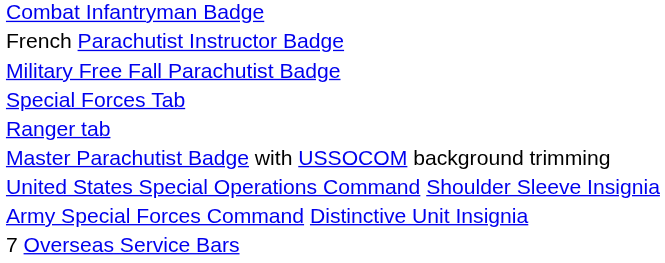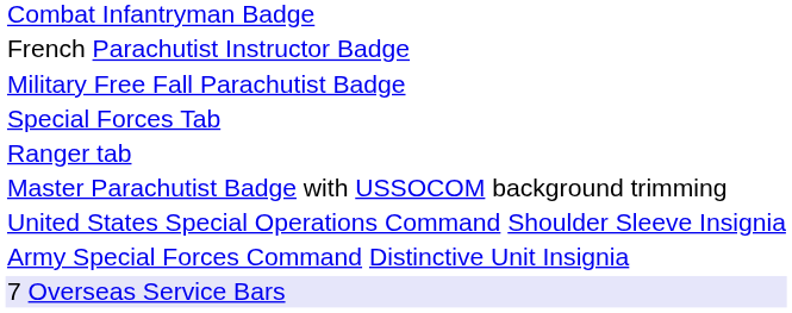 <table>
 <tr>
 <td> <a href='#'>Combat Infantryman Badge</a></td>
 </tr>
 <tr>
 <td> French <a href='#'>Parachutist Instructor Badge</a></td>
 </tr>
 <tr>
 <td> <a href='#'>Military Free Fall Parachutist Badge</a></td>
 </tr>
 <tr>
 <td> <a href='#'>Special Forces Tab</a></td>
 </tr>
 <tr>
 <td> <a href='#'>Ranger tab</a></td>
 </tr>
 <tr>
 <td><span></span> <a href='#'>Master Parachutist Badge</a> with <a href='#'>USSOCOM</a> background trimming</td>
 </tr>
 <tr>
 <td> <a href='#'>United States Special Operations Command</a> <a href='#'>Shoulder Sleeve Insignia</a></td>
 </tr>
 <tr>
 <td> <a href='#'>Army Special Forces Command</a> <a href='#'>Distinctive Unit Insignia</a></td>
 </tr>
 <tr>
-<td> 7 <a href='#'>Overseas Service Bars</a></td>
+<td style="background: lavender;"> 7 <a href='#'>Overseas Service Bars</a></td>
 </tr>
 </table>
